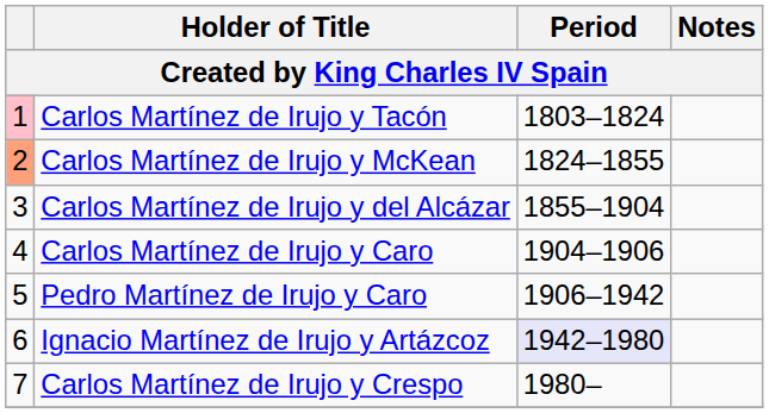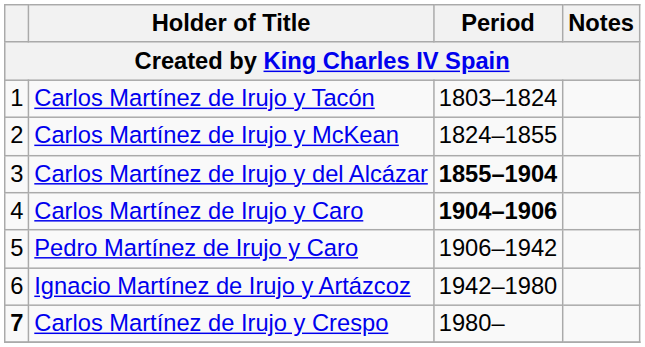 <table class="wikitable">
 <tr>
 <th></th>
 <th>Holder of Title</th>
 <th>Period</th>
 <th>Notes</th>
 </tr>
 <tr bgcolor="#dddddd" |>
 <th colspan="5">Created by <a href='#'>King Charles IV Spain</a></th>
 </tr>
 <tr>
-<td style="background: pink;">1</td>
+<td>1</td>
 <td><a href='#'>Carlos Martínez de Irujo y Tacón</a></td>
 <td>1803–1824</td>
 <td></td>
 </tr>
 <tr>
-<td style="background: lightsalmon;">2</td>
+<td>2</td>
 <td><a href='#'>Carlos Martínez de Irujo y McKean</a></td>
 <td>1824–1855</td>
 <td></td>
 </tr>
 <tr>
 <td>3</td>
 <td><a href='#'>Carlos Martínez de Irujo y del Alcázar</a></td>
-<td>1855–1904</td>
+<td><strong>1855–1904</strong></td>
 <td></td>
 </tr>
 <tr>
 <td>4</td>
 <td><a href='#'>Carlos Martínez de Irujo y Caro</a></td>
-<td>1904–1906</td>
+<td><strong>1904–1906</strong></td>
 <td></td>
 </tr>
 <tr>
 <td>5</td>
 <td><a href='#'>Pedro Martínez de Irujo y Caro</a></td>
 <td>1906–1942</td>
 <td></td>
 </tr>
 <tr>
 <td>6</td>
 <td><a href='#'>Ignacio Martínez de Irujo y Artázcoz</a></td>
-<td style="background: lavender;">1942–1980</td>
+<td>1942–1980</td>
 <td></td>
 </tr>
 <tr>
-<td>7</td>
+<td><strong>7</strong></td>
 <td><a href='#'>Carlos Martínez de Irujo y Crespo</a></td>
 <td>1980–</td>
 <td></td>
 </tr>
 <tr>
 </tr>
 </table>
